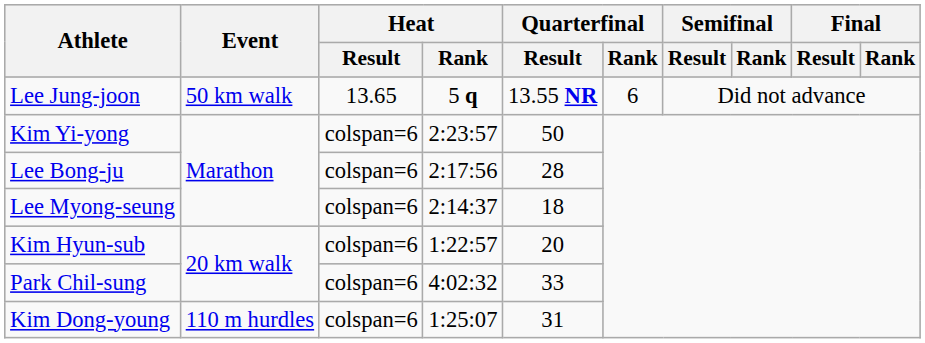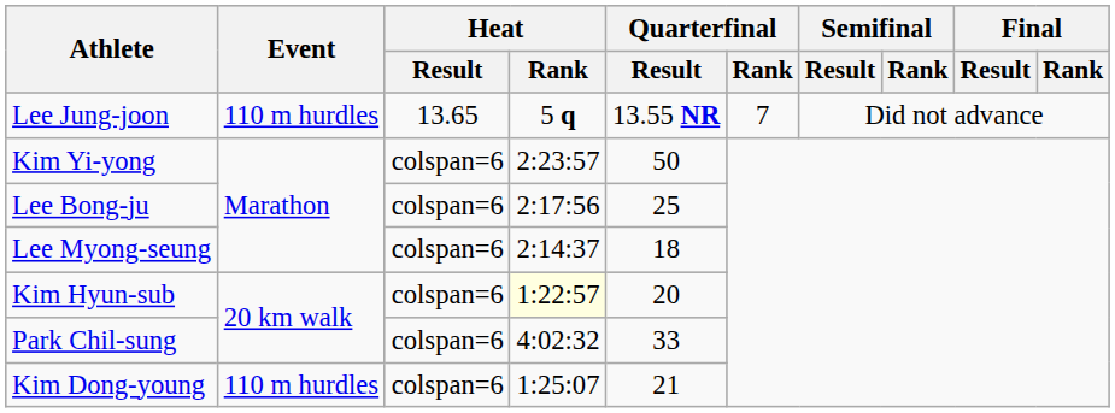 <table class=wikitable style="font-size:90%">
 <tr>
 <th rowspan="2">Athlete</th>
 <th rowspan="2">Event</th>
 <th colspan="2">Heat</th>
 <th colspan="2">Quarterfinal</th>
 <th colspan="2">Semifinal</th>
 <th colspan="2">Final</th>
 </tr>
 <tr style="font-size:95%">
 <th>Result</th>
 <th>Rank</th>
 <th>Result</th>
 <th>Rank</th>
 <th>Result</th>
 <th>Rank</th>
 <th>Result</th>
 <th>Rank</th>
 </tr>
 <tr align=center>
 <td align=left><a href='#'>Lee Jung-joon</a></td>
-<td align=left><a href='#'>50 km walk</a></td>
+<td align=left><a href='#'>110 m hurdles</a></td>
 <td>13.65</td>
 <td>5 <strong>q</strong></td>
 <td>13.55 <strong><a href='#'>NR</a></strong></td>
-<td>6</td>
+<td>7</td>
 <td colspan=4>Did not advance</td>
 </tr>
 <tr align=center>
 <td align=left><a href='#'>Kim Yi-yong</a></td>
 <td align=left rowspan=3><a href='#'>Marathon</a></td>
 <td>colspan=6 </td>
 <td>2:23:57</td>
 <td>50</td>
 </tr>
 <tr align=center>
 <td align=left><a href='#'>Lee Bong-ju</a></td>
 <td>colspan=6 </td>
 <td>2:17:56</td>
-<td>28</td>
+<td>25</td>
 </tr>
 <tr align=center>
 <td align=left><a href='#'>Lee Myong-seung</a></td>
 <td>colspan=6 </td>
 <td>2:14:37</td>
 <td>18</td>
 </tr>
 <tr align=center>
 <td align=left><a href='#'>Kim Hyun-sub</a></td>
 <td align=left rowspan=2><a href='#'>20 km walk</a></td>
 <td>colspan=6 </td>
-<td>1:22:57</td>
+<td style="background: lightyellow;">1:22:57</td>
 <td>20</td>
 </tr>
 <tr align=center>
 <td align=left><a href='#'>Park Chil-sung</a></td>
 <td>colspan=6 </td>
 <td>4:02:32</td>
 <td>33</td>
 </tr>
 <tr align=center>
 <td align=left><a href='#'>Kim Dong-young</a></td>
 <td align=left><a href='#'>110 m hurdles</a></td>
 <td>colspan=6 </td>
 <td>1:25:07</td>
-<td>31</td>
+<td>21</td>
 </tr>
 </table>
